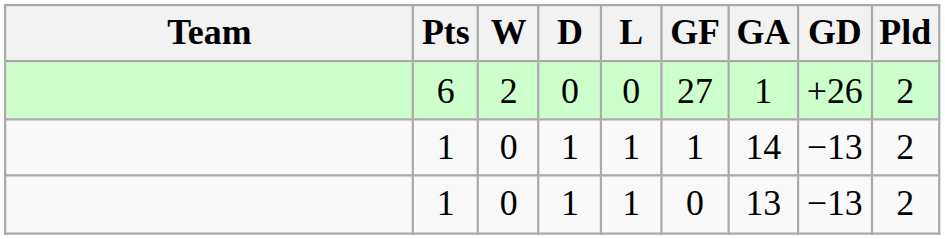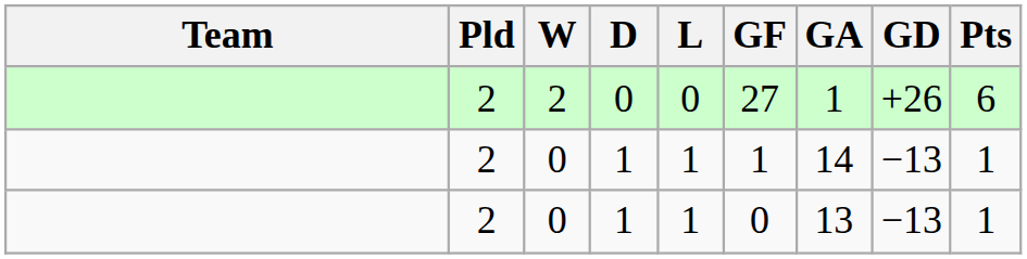 <table class="wikitable" style="text-align:center;">
 <tr>
 <th width=175>Team</th>
-<th style="width:20px;" abbr="Points">Pts</th>
+<th style="width:20px;" abbr="Played">Pld</th>
 <th style="width:20px;" abbr="Won">W</th>
 <th style="width:20px;" abbr="Drawn">D</th>
 <th style="width:20px;" abbr="Lost">L</th>
 <th style="width:20px;" abbr="Goals for">GF</th>
 <th style="width:20px;" abbr="Goals against">GA</th>
 <th style="width:20px;" abbr="Goal difference">GD</th>
-<th style="width:20px;" abbr="Played">Pld</th>
+<th style="width:20px;" abbr="Points">Pts</th>
 </tr>
 <tr bgcolor="#ccffcc">
 <td align=left></td>
-<td>6</td>
+<td>2</td>
 <td>2</td>
 <td>0</td>
 <td>0</td>
 <td>27</td>
 <td>1</td>
 <td>+26</td>
-<td>2</td>
+<td>6</td>
 </tr>
 <tr>
 <td align=left></td>
-<td>1</td>
+<td>2</td>
 <td>0</td>
 <td>1</td>
 <td>1</td>
 <td>1</td>
 <td>14</td>
 <td>−13</td>
-<td>2</td>
+<td>1</td>
 </tr>
 <tr>
 <td align=left></td>
-<td>1</td>
+<td>2</td>
 <td>0</td>
 <td>1</td>
 <td>1</td>
 <td>0</td>
 <td>13</td>
 <td>−13</td>
-<td>2</td>
+<td>1</td>
 </tr>
 </table>
